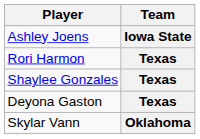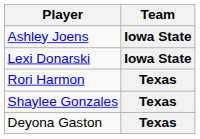 <table class="wikitable">
 <tr>
 <th>Player</th>
 <th>Team</th>
 </tr>
 <tr>
 <td><a href='#'>Ashley Joens</a></td>
+<th>Iowa State</th>
+</tr>
+<tr>
+<td><a href='#'>Lexi Donarski</a></td>
 <th>Iowa State</th>
 </tr>
 <tr>
 <td><a href='#'>Rori Harmon</a></td>
 <th>Texas</th>
 </tr>
 <tr>
 <td><a href='#'>Shaylee Gonzales</a></td>
 <th>Texas</th>
 </tr>
 <tr>
 <td>Deyona Gaston</td>
 <th>Texas</th>
 </tr>
-<tr>
-<td>Skylar Vann</td>
-<th>Oklahoma</th>
-</tr>
 </table>
